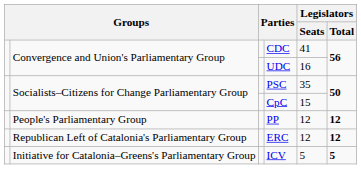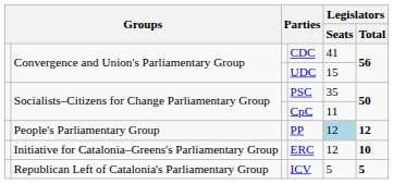 <table class="wikitable" style="text-align:left;">
 <tr>
 <th rowspan="2" colspan="2">Groups</th>
 <th rowspan="2" colspan="2">Parties</th>
 <th colspan="2">Legislators</th>
 </tr>
 <tr>
 <th>Seats</th>
 <th>Total</th>
 </tr>
 <tr>
 <td width="1" rowspan="2"></td>
 <td rowspan="2">Convergence and Union's Parliamentary Group</td>
 <td width="1" style="color:inherit;background:"></td>
 <td align="left"><a href='#'>CDC</a></td>
 <td>41</td>
 <td rowspan="2"><strong>56</strong></td>
 </tr>
 <tr>
 <td style="color:inherit;background:"></td>
 <td align="left"><a href='#'>UDC</a></td>
-<td>16</td>
+<td>15</td>
 </tr>
 <tr>
 <td rowspan="2" style="color:inherit;background:"></td>
 <td rowspan="2">Socialists–Citizens for Change Parliamentary Group</td>
 <td style="color:inherit;background:"></td>
 <td align="left"><a href='#'>PSC</a></td>
 <td>35</td>
 <td rowspan="2"><strong>50</strong></td>
 </tr>
 <tr>
 <td style="color:inherit;background:"></td>
 <td align="left"><a href='#'>CpC</a></td>
-<td>15</td>
+<td>11</td>
 </tr>
 <tr>
 <td style="color:inherit;background:"></td>
 <td>People's Parliamentary Group</td>
 <td style="color:inherit;background:"></td>
 <td align="left"><a href='#'>PP</a></td>
-<td>12</td>
-<td><strong>12</strong></td>
-</tr>
-<tr>
-<td style="color:inherit;background:"></td>
-<td>Republican Left of Catalonia's Parliamentary Group</td>
-<td style="color:inherit;background:"></td>
-<td align="left"><a href='#'>ERC</a></td>
-<td>12</td>
+<td style="background: lightblue;">12</td>
 <td><strong>12</strong></td>
 </tr>
 <tr>
 <td style="color:inherit;background:"></td>
 <td>Initiative for Catalonia–Greens's Parliamentary Group</td>
 <td style="color:inherit;background:"></td>
+<td align="left"><a href='#'>ERC</a></td>
+<td>12</td>
+<td><strong>10</strong></td>
+</tr>
+<tr>
+<td style="color:inherit;background:"></td>
+<td>Republican Left of Catalonia's Parliamentary Group</td>
+<td style="color:inherit;background:"></td>
 <td align="left"><a href='#'>ICV</a></td>
 <td>5</td>
 <td><strong>5</strong></td>
 </tr>
 </table>
